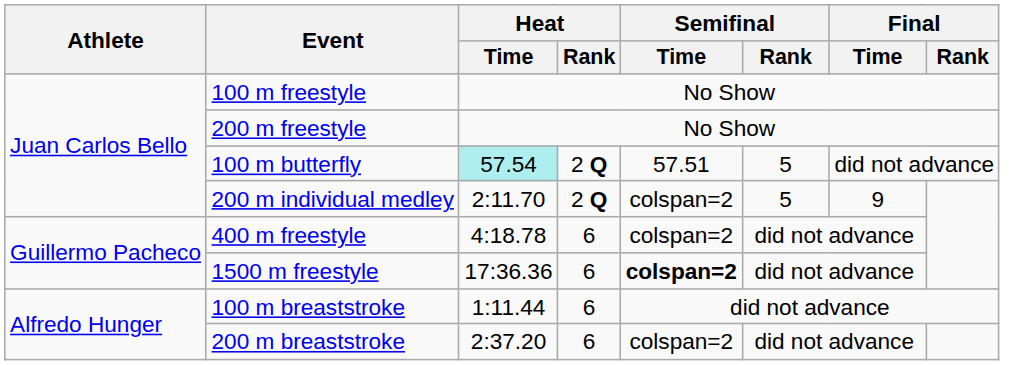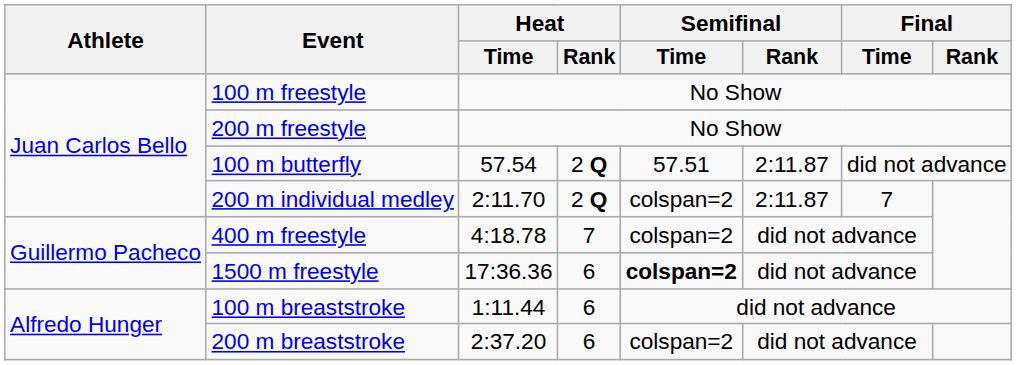 <table class=wikitable style="font-size:90%">
 <tr>
 <th rowspan=2>Athlete</th>
 <th rowspan=2>Event</th>
 <th colspan=2>Heat</th>
 <th colspan=2>Semifinal</th>
 <th colspan=2>Final</th>
 </tr>
 <tr style="font-size:95%">
 <th>Time</th>
 <th>Rank</th>
 <th>Time</th>
 <th>Rank</th>
 <th>Time</th>
 <th>Rank</th>
 </tr>
 <tr align=center>
 <td align=left rowspan=4><a href='#'>Juan Carlos Bello</a></td>
 <td align=left><a href='#'>100 m freestyle</a></td>
 <td colspan=7>No Show</td>
 </tr>
 <tr align=center>
 <td align=left><a href='#'>200 m freestyle</a></td>
 <td colspan=7>No Show</td>
 </tr>
 <tr align=center>
 <td align=left><a href='#'>100 m butterfly</a></td>
-<td style="background: paleturquoise;">57.54</td>
+<td>57.54</td>
 <td>2 <strong>Q</strong></td>
 <td>57.51</td>
-<td>5</td>
+<td>2:11.87</td>
 <td colspan=2>did not advance</td>
 </tr>
 <tr align=center>
 <td align=left><a href='#'>200 m individual medley</a></td>
 <td>2:11.70</td>
 <td>2 <strong>Q</strong></td>
 <td>colspan=2 </td>
-<td>5</td>
-<td>9</td>
+<td>2:11.87</td>
+<td>7</td>
 </tr>
 <tr align=center>
 <td align=left rowspan=2><a href='#'>Guillermo Pacheco</a></td>
 <td align=left><a href='#'>400 m freestyle</a></td>
 <td>4:18.78</td>
-<td>6</td>
+<td>7</td>
 <td>colspan=2 </td>
 <td colspan=2>did not advance</td>
 </tr>
 <tr align= center>
 <td align=left><a href='#'>1500 m freestyle</a></td>
 <td>17:36.36</td>
 <td>6</td>
 <td><strong>colspan=2 </strong></td>
 <td colspan=2>did not advance</td>
 </tr>
 <tr align=center>
 <td align=left rowspan=2><a href='#'>Alfredo Hunger</a></td>
 <td align=left><a href='#'>100 m breaststroke</a></td>
 <td>1:11.44</td>
 <td>6</td>
 <td colspan=4>did not advance</td>
 </tr>
 <tr align=center>
 <td align=left><a href='#'>200 m breaststroke</a></td>
 <td>2:37.20</td>
 <td>6</td>
 <td>colspan=2 </td>
 <td colspan=2>did not advance</td>
 </tr>
 </table>
